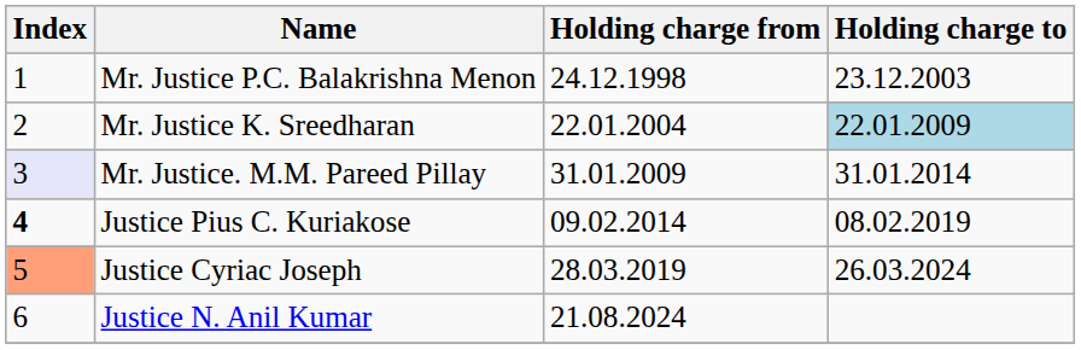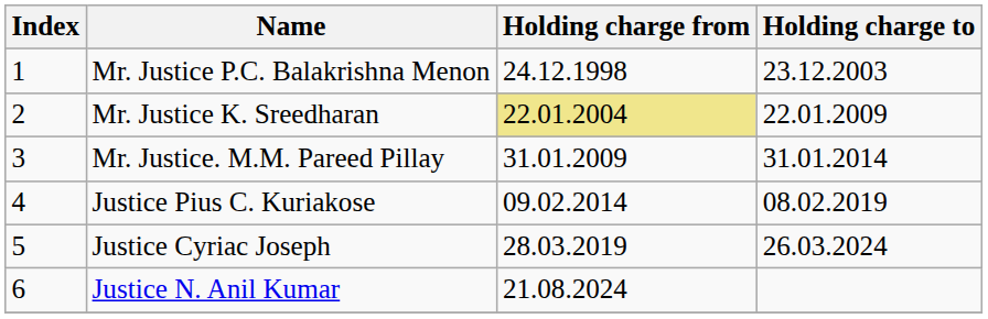 <table class="wikitable">
 <tr>
 <th>Index</th>
 <th>Name</th>
 <th>Holding charge from</th>
 <th>Holding charge to</th>
 </tr>
 <tr>
 <td>1</td>
 <td>Mr. Justice P.C. Balakrishna Menon</td>
 <td>24.12.1998</td>
 <td>23.12.2003 </td>
 </tr>
 <tr>
 <td>2</td>
 <td>Mr. Justice K. Sreedharan</td>
-<td>22.01.2004 </td>
-<td style="background: lightblue;">22.01.2009</td>
+<td style="background: khaki;">22.01.2004 </td>
+<td>22.01.2009</td>
 </tr>
 <tr>
-<td style="background: lavender;">3</td>
+<td>3</td>
 <td>Mr. Justice. M.M. Pareed Pillay</td>
 <td>31.01.2009 </td>
 <td>31.01.2014 </td>
 </tr>
 <tr>
-<td><strong>4</strong></td>
+<td>4</td>
 <td>Justice Pius C. Kuriakose</td>
 <td>09.02.2014 </td>
 <td>08.02.2019</td>
 </tr>
 <tr>
-<td style="background: lightsalmon;">5</td>
+<td>5</td>
 <td>Justice Cyriac Joseph</td>
 <td>28.03.2019</td>
 <td>26.03.2024</td>
 </tr>
 <tr>
 <td>6</td>
 <td><a href='#'>Justice N. Anil Kumar</a></td>
 <td>21.08.2024</td>
 <td></td>
 </tr>
 <tr>
 </tr>
 </table>
